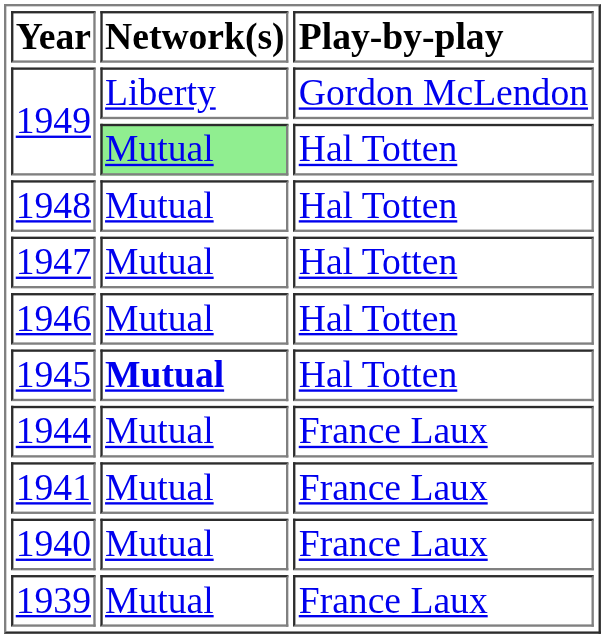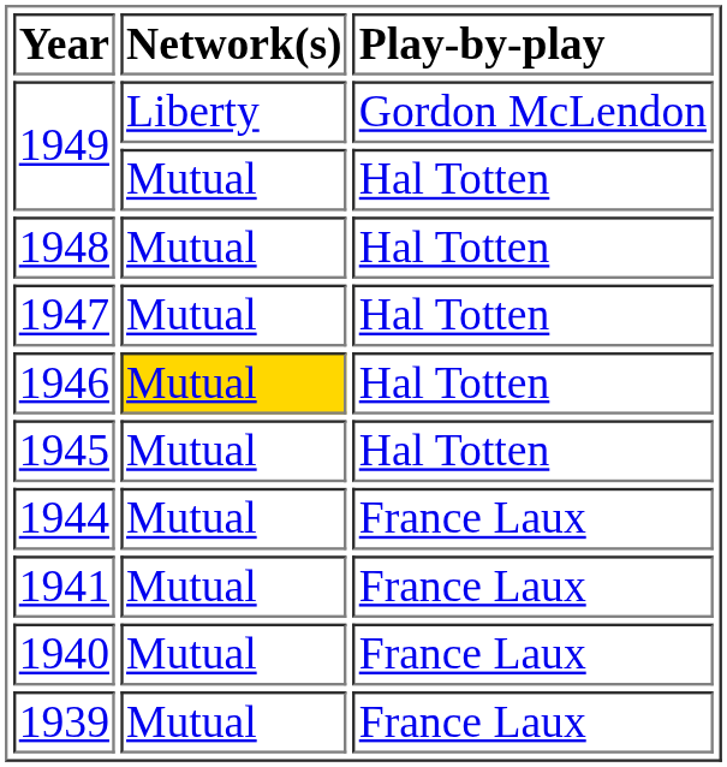 <table border="1" cellpadding="1">
 <tr>
 <td><strong>Year</strong></td>
 <td><strong>Network(s)</strong></td>
 <td><strong>Play-by-play</strong></td>
 </tr>
 <tr>
 <td rowspan="2" nowrap=""><a href='#'>1949</a></td>
 <td><a href='#'>Liberty</a></td>
 <td><a href='#'>Gordon McLendon</a></td>
 </tr>
 <tr>
-<td style="background: lightgreen;"><a href='#'>Mutual</a></td>
+<td><a href='#'>Mutual</a></td>
 <td><a href='#'>Hal Totten</a></td>
 </tr>
 <tr>
 <td><a href='#'>1948</a></td>
 <td><a href='#'>Mutual</a></td>
 <td><a href='#'>Hal Totten</a></td>
 </tr>
 <tr>
 <td><a href='#'>1947</a></td>
 <td><a href='#'>Mutual</a></td>
 <td><a href='#'>Hal Totten</a></td>
 </tr>
 <tr>
 <td><a href='#'>1946</a></td>
-<td><a href='#'>Mutual</a></td>
+<td style="background: gold;"><a href='#'>Mutual</a></td>
 <td><a href='#'>Hal Totten</a></td>
 </tr>
 <tr>
 <td><a href='#'>1945</a></td>
-<td><strong><a href='#'>Mutual</a></strong></td>
+<td><a href='#'>Mutual</a></td>
 <td><a href='#'>Hal Totten</a></td>
 </tr>
 <tr>
 <td><a href='#'>1944</a></td>
 <td><a href='#'>Mutual</a></td>
 <td><a href='#'>France Laux</a></td>
 </tr>
 <tr>
 <td><a href='#'>1941</a></td>
 <td><a href='#'>Mutual</a></td>
 <td><a href='#'>France Laux</a></td>
 </tr>
 <tr>
 <td><a href='#'>1940</a></td>
 <td><a href='#'>Mutual</a></td>
 <td><a href='#'>France Laux</a></td>
 </tr>
 <tr>
 <td><a href='#'>1939</a></td>
 <td><a href='#'>Mutual</a></td>
 <td><a href='#'>France Laux</a></td>
 </tr>
 </table>
